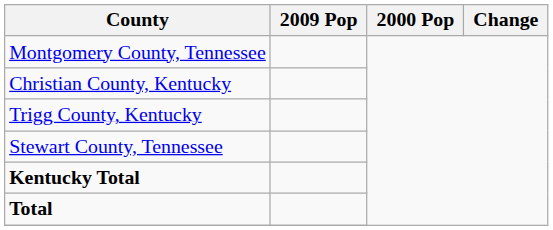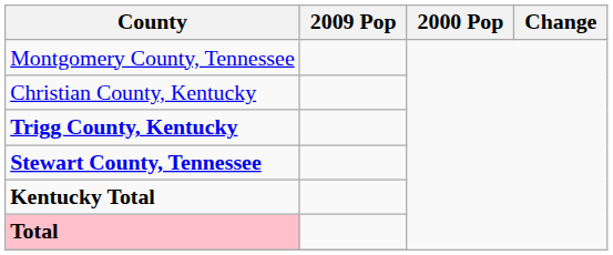 <table class=wikitable>
 <tr>
 <th>County</th>
 <th> 2009 Pop </th>
 <th> 2000 Pop </th>
 <th> Change </th>
 </tr>
 <tr>
 <td><a href='#'><span>Montgomery County, Tennessee</span></a></td>
 <td></td>
 </tr>
 <tr>
 <td><a href='#'>Christian County, Kentucky</a></td>
 <td></td>
 </tr>
 <tr>
-<td><a href='#'>Trigg County, Kentucky</a></td>
+<td><strong><a href='#'>Trigg County, Kentucky</a></strong></td>
 <td></td>
 </tr>
 <tr>
-<td><a href='#'><span>Stewart County, Tennessee</span></a></td>
+<td><strong><a href='#'><span>Stewart County, Tennessee</span></a></strong></td>
 <td></td>
 </tr>
 <tr>
 <td><strong> Kentucky Total</strong></td>
 <td></td>
 </tr>
 <tr>
-<td><strong>Total</strong></td>
+<td style="background: pink;"><strong>Total</strong></td>
 <td></td>
 </tr>
 <tr>
 </tr>
 </table>
